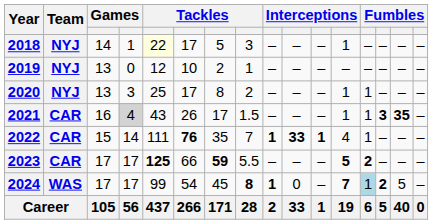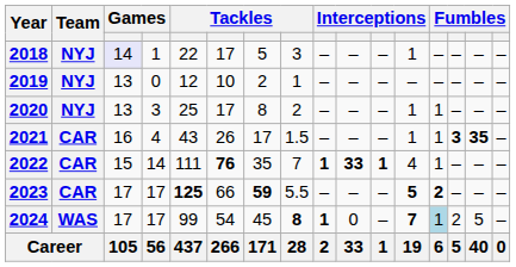 <table class="wikitable" style="text-align:center;">
 <tr>
 <th rowspan="2">Year</th>
 <th rowspan="2">Team</th>
 <th colspan="2">Games</th>
 <th colspan="4"><a href='#'>Tackles</a></th>
 <th colspan="4"><a href='#'>Interceptions</a></th>
 <th colspan="4"><a href='#'>Fumbles</a></th>
 </tr>
 <tr>
 <th></th>
 <th></th>
 <th></th>
 <th></th>
 <th></th>
 <th></th>
 <th></th>
 <th></th>
 <th></th>
 <th></th>
 <th></th>
 <th></th>
 <th></th>
 <th></th>
 </tr>
 <tr>
 <th><a href='#'>2018</a></th>
 <th><a href='#'>NYJ</a></th>
-<td>14</td>
+<td style="background: lavender;">14</td>
 <td>1</td>
-<td style="background: lightyellow;">22</td>
+<td>22</td>
 <td>17</td>
 <td>5</td>
 <td>3</td>
 <td>–</td>
 <td>–</td>
 <td>–</td>
 <td>1</td>
 <td>–</td>
 <td>–</td>
 <td>–</td>
 <td>–</td>
 </tr>
 <tr>
 <th><a href='#'>2019</a></th>
 <th><a href='#'>NYJ</a></th>
 <td>13</td>
 <td>0</td>
 <td>12</td>
 <td>10</td>
 <td>2</td>
 <td>1</td>
 <td>–</td>
 <td>–</td>
 <td>–</td>
 <td>–</td>
 <td>–</td>
 <td>–</td>
 <td>–</td>
 <td>–</td>
 </tr>
 <tr>
 <th><a href='#'>2020</a></th>
 <th><a href='#'>NYJ</a></th>
 <td>13</td>
 <td>3</td>
 <td>25</td>
 <td>17</td>
 <td>8</td>
 <td>2</td>
 <td>–</td>
 <td>–</td>
 <td>–</td>
 <td>1</td>
 <td>1</td>
 <td>–</td>
 <td>–</td>
 <td>–</td>
 </tr>
 <tr>
 <th><a href='#'>2021</a></th>
 <th><a href='#'>CAR</a></th>
 <td>16</td>
-<td style="background: lightgrey;">4</td>
+<td>4</td>
 <td>43</td>
 <td>26</td>
 <td>17</td>
 <td>1.5</td>
 <td>–</td>
 <td>–</td>
 <td>–</td>
 <td>1</td>
 <td>1</td>
 <td><strong>3</strong></td>
 <td><strong>35</strong></td>
 <td>–</td>
 </tr>
 <tr>
 <th><a href='#'>2022</a></th>
 <th><a href='#'>CAR</a></th>
 <td>15</td>
 <td>14</td>
 <td>111</td>
 <td><strong>76</strong></td>
 <td>35</td>
 <td>7</td>
 <td><strong>1</strong></td>
 <td><strong>33</strong></td>
 <td><strong>1</strong></td>
 <td>4</td>
 <td>1</td>
 <td>–</td>
 <td>–</td>
 <td>–</td>
 </tr>
 <tr>
 <th><a href='#'>2023</a></th>
 <th><a href='#'>CAR</a></th>
 <td>17</td>
 <td>17</td>
 <td><strong>125</strong></td>
 <td>66</td>
 <td><strong>59</strong></td>
 <td>5.5</td>
 <td>–</td>
 <td>–</td>
 <td>–</td>
 <td><strong>5</strong></td>
 <td><strong>2</strong></td>
 <td>–</td>
 <td>–</td>
 <td>–</td>
 </tr>
 <tr>
 <th><a href='#'>2024</a></th>
 <th><a href='#'>WAS</a></th>
 <td>17</td>
 <td>17</td>
 <td>99</td>
 <td>54</td>
 <td>45</td>
 <td><strong>8</strong></td>
 <td><strong>1</strong></td>
 <td>0</td>
 <td>–</td>
 <td><strong>7</strong></td>
 <td style="background: lightblue;">1</td>
-<td><strong>2</strong></td>
+<td>2</td>
 <td>5</td>
 <td>–</td>
 </tr>
 <tr>
 <th colspan="2">Career</th>
 <th>105</th>
 <th>56</th>
 <th>437</th>
 <th>266</th>
 <th>171</th>
 <th>28</th>
 <th>2</th>
 <th>33</th>
 <th>1</th>
 <th>19</th>
 <th>6</th>
 <th>5</th>
 <th>40</th>
 <th>0</th>
 </tr>
 </table>
